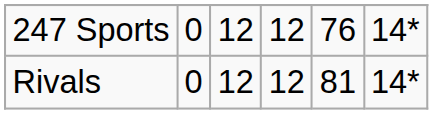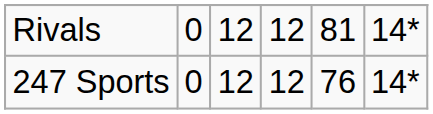 <table class="wikitable">
 <tr>
+</tr>
+<tr>
+<td>Rivals</td>
+<td>0</td>
+<td>12</td>
+<td>12</td>
+<td>81</td>
+<td>14*</td>
 </tr>
 <tr>
 <td>247 Sports</td>
 <td>0</td>
 <td>12</td>
 <td>12</td>
 <td>76</td>
 <td>14*</td>
 </tr>
-<tr>
-<td>Rivals</td>
-<td>0</td>
-<td>12</td>
-<td>12</td>
-<td>81</td>
-<td>14*</td>
-</tr>
 </table>
